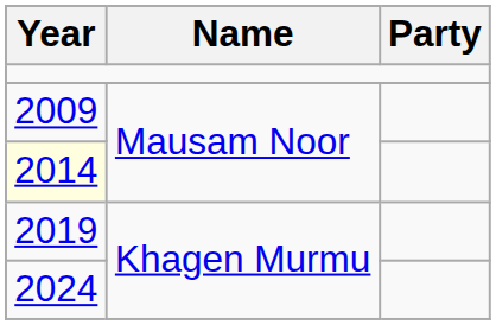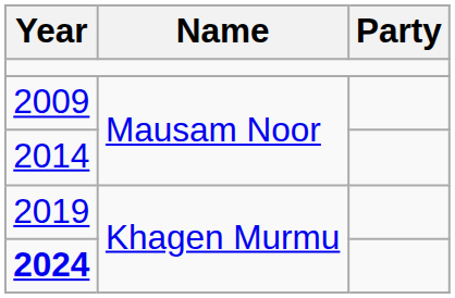 <table class="wikitable">
 <tr>
 <th>Year</th>
 <th>Name</th>
 <th colspan="2">Party</th>
 </tr>
 <tr>
 <td colspan="4"></td>
 </tr>
 <tr>
 <td><a href='#'>2009</a></td>
 <td rowspan="2"><a href='#'>Mausam Noor</a></td>
 <td></td>
 </tr>
 <tr>
-<td style="background: lightyellow;"><a href='#'>2014</a></td>
+<td><a href='#'>2014</a></td>
 </tr>
 <tr>
 <td><a href='#'>2019</a></td>
 <td rowspan=2><a href='#'>Khagen Murmu</a></td>
 <td></td>
 </tr>
 <tr>
-<td><a href='#'>2024</a></td>
+<td><strong><a href='#'>2024</a></strong></td>
 </tr>
 </table>
